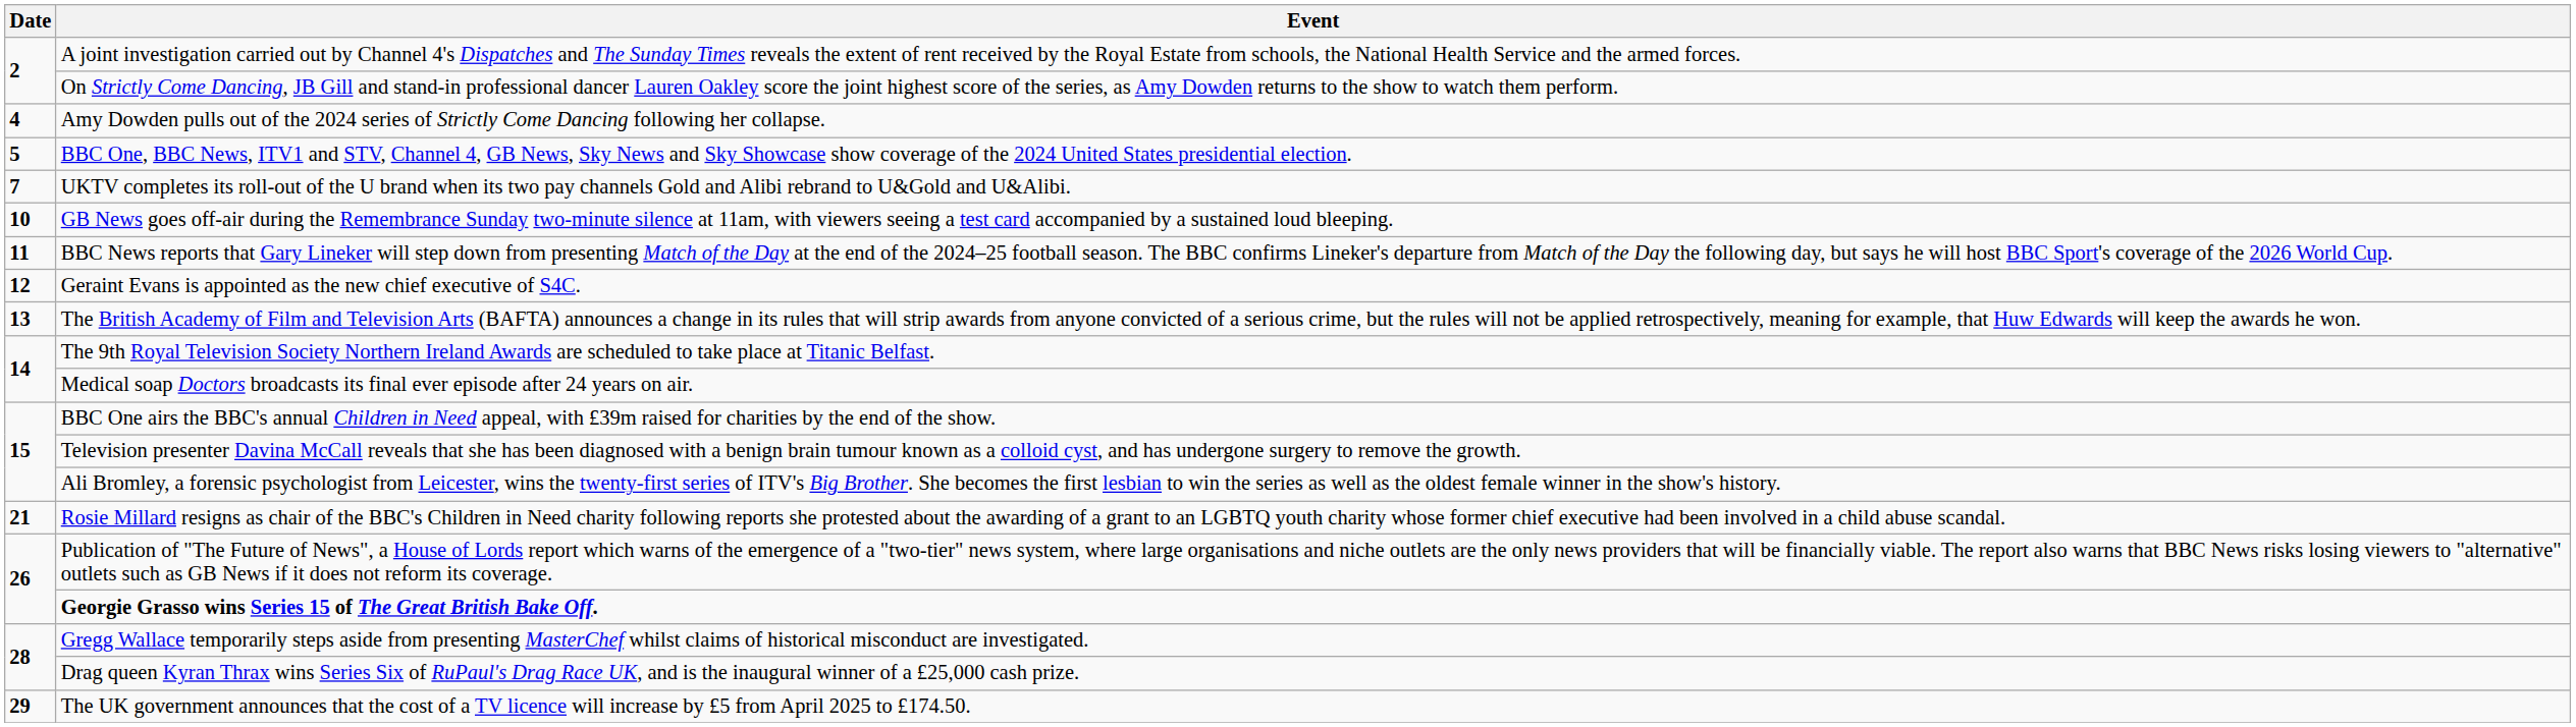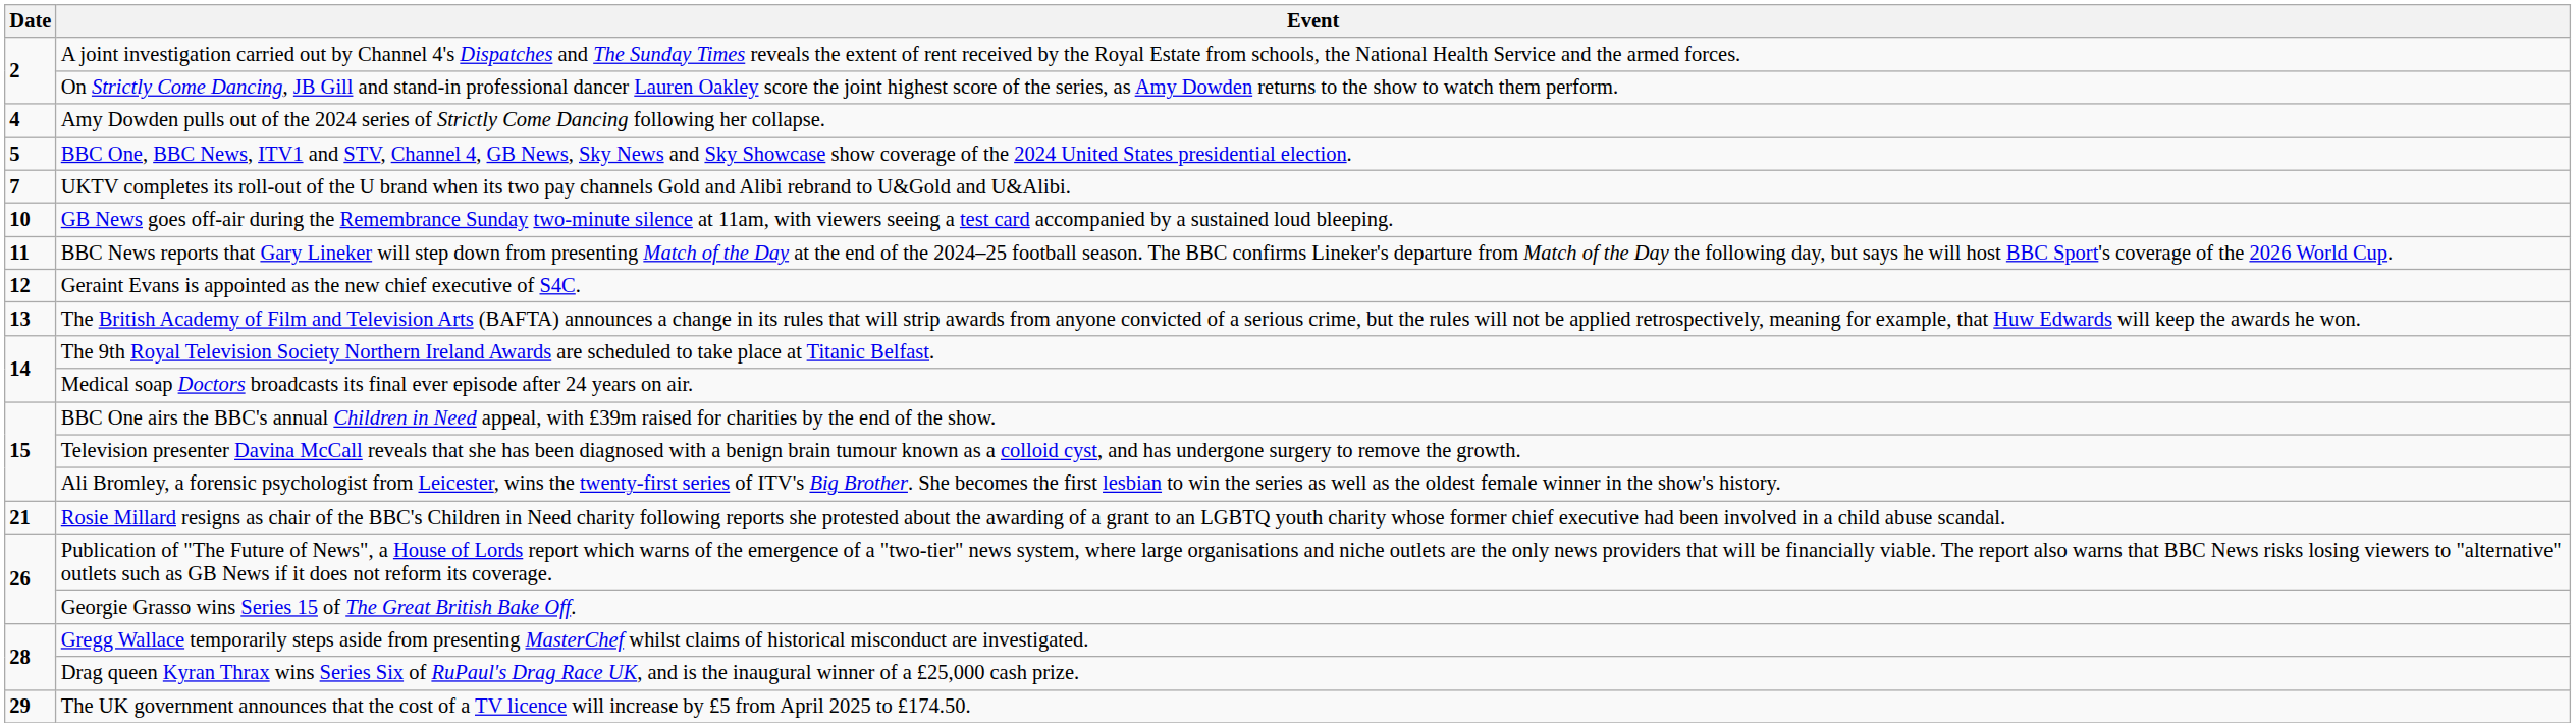 <table class="wikitable">
 <tr>
 <th>Date</th>
 <th>Event</th>
 </tr>
 <tr>
 <td rowspan=2><strong>2</strong></td>
 <td>A joint investigation carried out by Channel 4's <em><a href='#'>Dispatches</a></em> and <em><a href='#'>The Sunday Times</a></em> reveals the extent of rent received by the Royal Estate from schools, the National Health Service and the armed forces.</td>
 </tr>
 <tr>
 <td>On <em><a href='#'>Strictly Come Dancing</a></em>, <a href='#'>JB Gill</a> and stand-in professional dancer <a href='#'>Lauren Oakley</a> score the joint highest score of the series, as <a href='#'>Amy Dowden</a> returns to the show to watch them perform.</td>
 </tr>
 <tr>
 <td><strong>4</strong></td>
 <td>Amy Dowden pulls out of the 2024 series of <em>Strictly Come Dancing</em> following her collapse.</td>
 </tr>
 <tr>
 <td><strong>5</strong></td>
 <td><a href='#'>BBC One</a>, <a href='#'>BBC News</a>, <a href='#'>ITV1</a> and <a href='#'>STV</a>, <a href='#'>Channel 4</a>, <a href='#'>GB News</a>, <a href='#'>Sky News</a> and <a href='#'>Sky Showcase</a> show coverage of the <a href='#'>2024 United States presidential election</a>.</td>
 </tr>
 <tr>
 <td><strong>7</strong></td>
 <td>UKTV completes its roll-out of the U brand when its two pay channels Gold and Alibi  rebrand to U&Gold and U&Alibi.</td>
 </tr>
 <tr>
 <td><strong>10</strong></td>
 <td><a href='#'>GB News</a> goes off-air during the <a href='#'>Remembrance Sunday</a> <a href='#'>two-minute silence</a> at 11am, with viewers seeing a <a href='#'>test card</a> accompanied by a sustained loud bleeping.</td>
 </tr>
 <tr>
 <td><strong>11</strong></td>
 <td>BBC News reports that <a href='#'>Gary Lineker</a> will step down from presenting <em><a href='#'>Match of the Day</a></em> at the end of the 2024–25 football season. The BBC confirms Lineker's departure from <em>Match of the Day</em> the following day, but says he will host <a href='#'>BBC Sport</a>'s coverage of the <a href='#'>2026 World Cup</a>.</td>
 </tr>
 <tr>
 <td><strong>12</strong></td>
 <td>Geraint Evans is appointed as the new chief executive of <a href='#'>S4C</a>.</td>
 </tr>
 <tr>
 <td><strong>13</strong></td>
 <td>The <a href='#'>British Academy of Film and Television Arts</a> (BAFTA) announces a change in its rules that will strip awards from anyone convicted of a serious crime, but the rules will not be applied retrospectively, meaning for example, that <a href='#'>Huw Edwards</a> will keep the awards he won.</td>
 </tr>
 <tr>
 <td rowspan=2><strong>14</strong></td>
 <td>The 9th <a href='#'>Royal Television Society Northern Ireland Awards</a> are scheduled to take place at <a href='#'>Titanic Belfast</a>.</td>
 </tr>
 <tr>
 <td>Medical soap <em><a href='#'>Doctors</a></em> broadcasts its final ever episode after 24 years on air.</td>
 </tr>
 <tr>
 <td rowspan=3><strong>15</strong></td>
 <td>BBC One airs the BBC's annual <em><a href='#'>Children in Need</a></em> appeal, with £39m raised for charities by the end of the show.</td>
 </tr>
 <tr>
 <td>Television presenter <a href='#'>Davina McCall</a> reveals that she has been diagnosed with a benign brain tumour known as a <a href='#'>colloid cyst</a>, and has undergone surgery to remove the growth.</td>
 </tr>
 <tr>
 <td>Ali Bromley, a forensic psychologist from <a href='#'>Leicester</a>, wins the <a href='#'>twenty-first series</a> of ITV's <em><a href='#'>Big Brother</a></em>. She becomes the first <a href='#'>lesbian</a> to win the series as well as the oldest female winner in the show's history.</td>
 </tr>
 <tr>
 <td><strong>21</strong></td>
 <td><a href='#'>Rosie Millard</a> resigns as chair of the BBC's Children in Need charity following reports she protested about the awarding of a grant to an LGBTQ youth charity whose former chief executive had been involved in a child abuse scandal.</td>
 </tr>
 <tr>
 <td rowspan=2><strong>26</strong></td>
 <td>Publication of "The Future of News", a <a href='#'>House of Lords</a> report which warns of the emergence of a "two-tier" news system, where large organisations and niche outlets are the only news providers that will be financially viable. The report also warns that BBC News risks losing viewers to "alternative" outlets such as GB News if it does not reform its coverage.</td>
 </tr>
 <tr>
-<td><strong>Georgie Grasso wins <a href='#'>Series 15</a> of <em><a href='#'>The Great British Bake Off</a></em>.</strong></td>
+<td>Georgie Grasso wins <a href='#'>Series 15</a> of <em><a href='#'>The Great British Bake Off</a></em>.</td>
 </tr>
 <tr>
 <td rowspan=2><strong>28</strong></td>
 <td><a href='#'>Gregg Wallace</a> temporarily steps aside from presenting <em><a href='#'>MasterChef</a></em> whilst claims of historical misconduct are investigated.</td>
 </tr>
 <tr>
 <td>Drag queen <a href='#'>Kyran Thrax</a> wins <a href='#'>Series Six</a> of <em><a href='#'>RuPaul's Drag Race UK</a></em>, and is the inaugural winner of a £25,000 cash prize.</td>
 </tr>
 <tr>
 <td><strong>29</strong></td>
 <td>The UK government announces that the cost of a <a href='#'>TV licence</a> will increase by £5 from April 2025 to £174.50.</td>
 </tr>
 </table>
